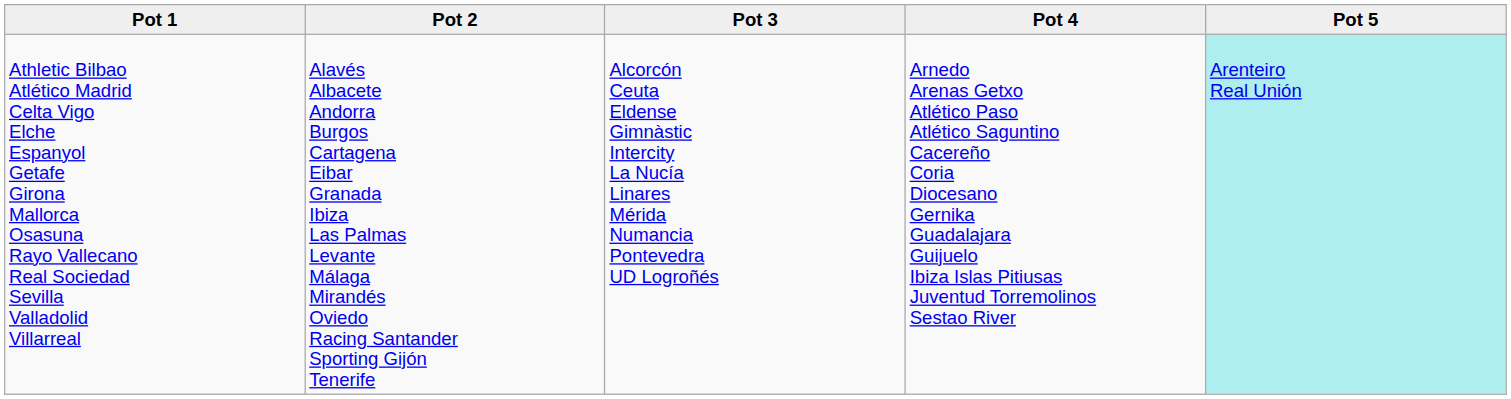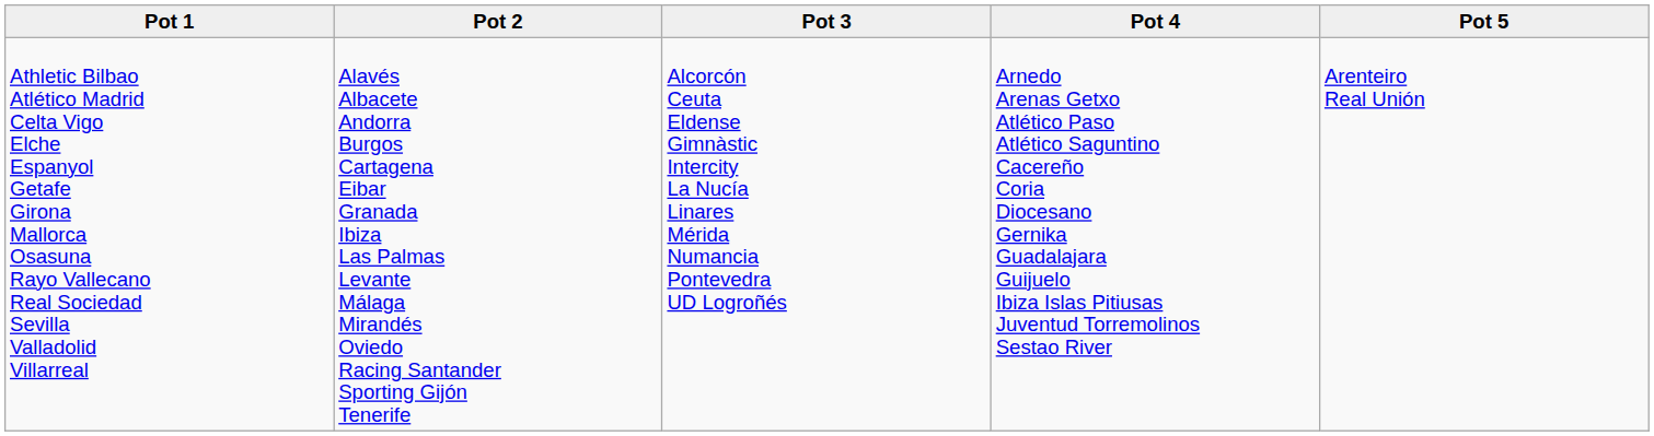 <table class="wikitable" style="font-size:90%">
 <tr bgcolor=#efefef align=center>
 <td width=13%><strong>Pot 1</strong><br></td>
 <td width=13%><strong>Pot 2</strong><br></td>
 <td width=13%><strong>Pot 3</strong><br></td>
 <td width=13%><strong>Pot 4</strong><br></td>
 <td width=13%><strong>Pot 5</strong><br></td>
 </tr>
 <tr valign=top>
 <td><br><a href='#'>Athletic Bilbao</a><br> <a href='#'>Atlético Madrid</a><br> <a href='#'>Celta Vigo</a><br> <a href='#'>Elche</a><br> <a href='#'>Espanyol</a><br> <a href='#'>Getafe</a><br> <a href='#'>Girona</a><br> <a href='#'>Mallorca</a><br> <a href='#'>Osasuna</a><br> <a href='#'>Rayo Vallecano</a><br> <a href='#'>Real Sociedad</a><br> <a href='#'>Sevilla</a><br> <a href='#'>Valladolid</a><br> <a href='#'>Villarreal</a><br></td>
 <td><br><a href='#'>Alavés</a><br> <a href='#'>Albacete</a><br> <a href='#'>Andorra</a><br> <a href='#'>Burgos</a><br> <a href='#'>Cartagena</a><br> <a href='#'>Eibar</a><br> <a href='#'>Granada</a><br> <a href='#'>Ibiza</a><br> <a href='#'>Las Palmas</a><br> <a href='#'>Levante</a><br> <a href='#'>Málaga</a><br> <a href='#'>Mirandés</a><br> <a href='#'>Oviedo</a><br> <a href='#'>Racing Santander</a><br> <a href='#'>Sporting Gijón</a><br> <a href='#'>Tenerife</a><br></td>
 <td><br><a href='#'>Alcorcón</a><br> <a href='#'>Ceuta</a><br> <a href='#'>Eldense</a><br> <a href='#'>Gimnàstic</a><br> <a href='#'>Intercity</a><br> <a href='#'>La Nucía</a><br> <a href='#'>Linares</a><br> <a href='#'>Mérida</a><br> <a href='#'>Numancia</a><br> <a href='#'>Pontevedra</a><br> <a href='#'>UD Logroñés</a><br></td>
 <td><br><a href='#'>Arnedo</a><br> <a href='#'>Arenas Getxo</a><br> <a href='#'>Atlético Paso</a><br>  <a href='#'>Atlético Saguntino</a><br> <a href='#'>Cacereño</a><br> <a href='#'>Coria</a><br> <a href='#'>Diocesano</a><br> <a href='#'>Gernika</a><br> <a href='#'>Guadalajara</a><br> <a href='#'>Guijuelo</a><br> <a href='#'>Ibiza Islas Pitiusas</a><br> <a href='#'>Juventud Torremolinos</a><br> <a href='#'>Sestao River</a><br></td>
-<td style="background: paleturquoise;"><br><a href='#'>Arenteiro</a><br> <a href='#'>Real Unión</a><br></td>
+<td><br><a href='#'>Arenteiro</a><br> <a href='#'>Real Unión</a><br></td>
 </tr>
 </table>
